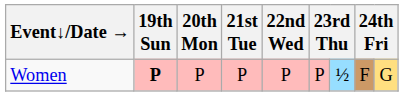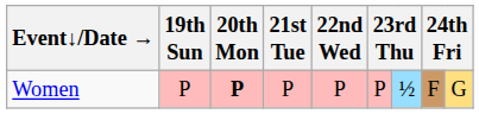 <table class="wikitable" style="margin:0.5em auto; font-size:90%; line-height:1.25em; text-align:center;">
 <tr>
 <th>Event↓/Date →</th>
 <th>19th<br>Sun</th>
 <th>20th<br>Mon</th>
 <th>21st<br>Tue</th>
 <th>22nd<br>Wed</th>
 <th colspan=2>23rd<br>Thu</th>
 <th colspan=2>24th<br>Fri</th>
 </tr>
 <tr>
 <td style="text-align:left;"><a href='#'>Women</a></td>
+<td bgcolor="#FFBBBB">P</td>
 <td bgcolor="#FFBBBB"><strong>P</strong></td>
-<td bgcolor="#FFBBBB">P</td>
 <td bgcolor="#FFBBBB">P</td>
 <td bgcolor="#FFBBBB">P</td>
 <td bgcolor="#FFBBBB">P</td>
 <td bgcolor="#97DEFF">½</td>
 <td bgcolor="#CC9966">F</td>
 <td bgcolor="#FFDF80">G</td>
 </tr>
 </table>
